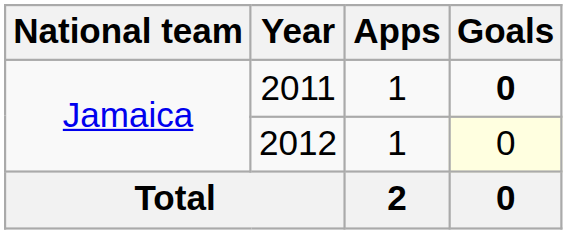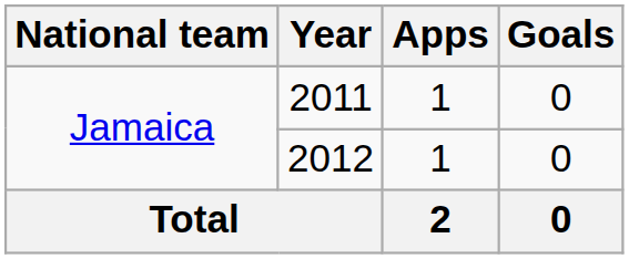 <table class=wikitable style="text-align: center;">
 <tr>
 <th>National team</th>
 <th>Year</th>
 <th>Apps</th>
 <th>Goals</th>
 </tr>
 <tr>
 <td rowspan="2"><a href='#'>Jamaica</a></td>
 <td>2011</td>
 <td>1</td>
-<td><strong>0</strong></td>
+<td>0</td>
 </tr>
 <tr>
 <td>2012</td>
 <td>1</td>
-<td style="background: lightyellow;">0</td>
+<td>0</td>
 </tr>
 <tr>
 <th colspan="2">Total</th>
 <th>2</th>
 <th>0</th>
 </tr>
 </table>
